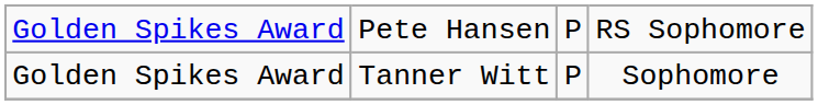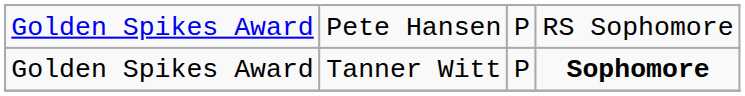 <table class="wikitable">
 <tr align="center">
 <td><a href='#'>Golden Spikes Award</a></td>
 <td>Pete Hansen</td>
 <td>P</td>
 <td>RS Sophomore</td>
 </tr>
 <tr align="center">
 <td>Golden Spikes Award</td>
 <td>Tanner Witt</td>
 <td>P</td>
-<td>Sophomore</td>
+<td><strong>Sophomore</strong></td>
 </tr>
 <tr>
 </tr>
 </table>
